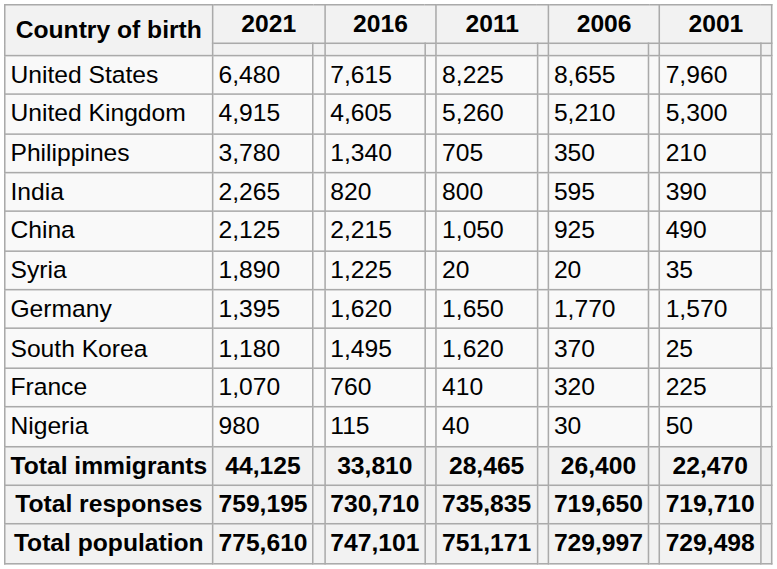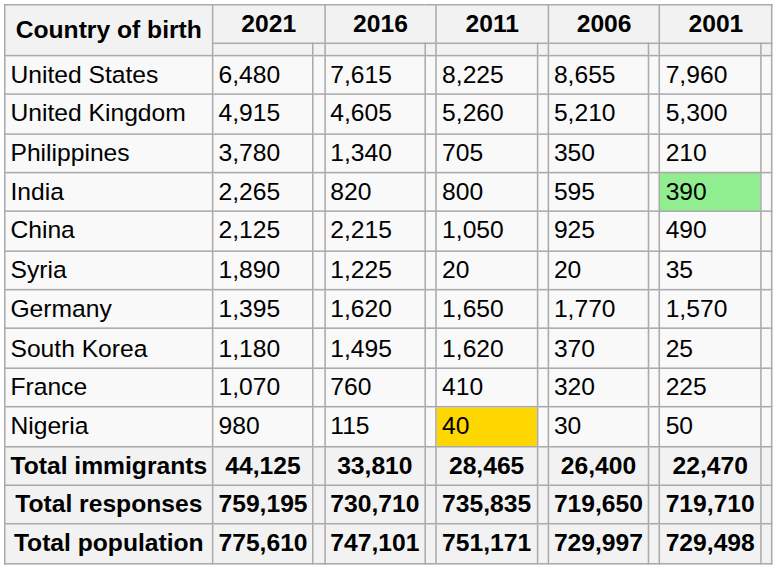 <table class="wikitable sortable">
 <tr>
 <th rowspan="2">Country of birth</th>
 <th colspan="2">2021</th>
 <th colspan="2">2016</th>
 <th colspan="2">2011</th>
 <th colspan="2">2006</th>
 <th colspan="2">2001</th>
 </tr>
 <tr>
 <th><a href='#'></a></th>
 <th></th>
 <th></th>
 <th></th>
 <th></th>
 <th></th>
 <th></th>
 <th></th>
 <th></th>
 <th></th>
 </tr>
 <tr>
 <td>United States</td>
 <td>6,480</td>
 <td></td>
 <td>7,615</td>
 <td></td>
 <td>8,225</td>
 <td></td>
 <td>8,655</td>
 <td></td>
 <td>7,960</td>
 <td></td>
 </tr>
 <tr>
 <td>United Kingdom</td>
 <td>4,915</td>
 <td></td>
 <td>4,605</td>
 <td></td>
 <td>5,260</td>
 <td></td>
 <td>5,210</td>
 <td></td>
 <td>5,300</td>
 <td></td>
 </tr>
 <tr>
 <td>Philippines</td>
 <td>3,780</td>
 <td></td>
 <td>1,340</td>
 <td></td>
 <td>705</td>
 <td></td>
 <td>350</td>
 <td></td>
 <td>210</td>
 <td></td>
 </tr>
 <tr>
 <td>India</td>
 <td>2,265</td>
 <td></td>
 <td>820</td>
 <td></td>
 <td>800</td>
 <td></td>
 <td>595</td>
 <td></td>
-<td>390</td>
+<td style="background: lightgreen;">390</td>
 <td></td>
 </tr>
 <tr>
 <td>China</td>
 <td>2,125</td>
 <td></td>
 <td>2,215</td>
 <td></td>
 <td>1,050</td>
 <td></td>
 <td>925</td>
 <td></td>
 <td>490</td>
 <td></td>
 </tr>
 <tr>
 <td>Syria</td>
 <td>1,890</td>
 <td></td>
 <td>1,225</td>
 <td></td>
 <td>20</td>
 <td></td>
 <td>20</td>
 <td></td>
 <td>35</td>
 <td></td>
 </tr>
 <tr>
 <td>Germany</td>
 <td>1,395</td>
 <td></td>
 <td>1,620</td>
 <td></td>
 <td>1,650</td>
 <td></td>
 <td>1,770</td>
 <td></td>
 <td>1,570</td>
 <td></td>
 </tr>
 <tr>
 <td>South Korea</td>
 <td>1,180</td>
 <td></td>
 <td>1,495</td>
 <td></td>
 <td>1,620</td>
 <td></td>
 <td>370</td>
 <td></td>
 <td>25</td>
 <td></td>
 </tr>
 <tr>
 <td>France</td>
 <td>1,070</td>
 <td></td>
 <td>760</td>
 <td></td>
 <td>410</td>
 <td></td>
 <td>320</td>
 <td></td>
 <td>225</td>
 <td></td>
 </tr>
 <tr>
 <td>Nigeria</td>
 <td>980</td>
 <td></td>
 <td>115</td>
 <td></td>
-<td>40</td>
+<td style="background: gold;">40</td>
 <td></td>
 <td>30</td>
 <td></td>
 <td>50</td>
 <td></td>
 </tr>
 <tr>
 <th>Total immigrants</th>
 <th>44,125</th>
 <th></th>
 <th>33,810</th>
 <th></th>
 <th>28,465</th>
 <th></th>
 <th>26,400</th>
 <th></th>
 <th>22,470</th>
 <th></th>
 </tr>
 <tr class="sortbottom">
 <th>Total responses</th>
 <th>759,195</th>
 <th></th>
 <th>730,710</th>
 <th></th>
 <th>735,835</th>
 <th></th>
 <th>719,650</th>
 <th></th>
 <th>719,710</th>
 <th></th>
 </tr>
 <tr class="sortbottom">
 <th>Total population</th>
 <th>775,610</th>
 <th></th>
 <th>747,101</th>
 <th></th>
 <th>751,171</th>
 <th></th>
 <th>729,997</th>
 <th></th>
 <th>729,498</th>
 <th></th>
 </tr>
 </table>
